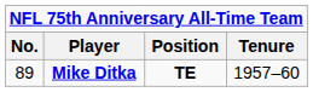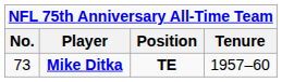 <table class="wikitable" style="text-align:center">
 <tr>
 <td colspan="4"><strong><a href='#'><span>NFL 75th Anniversary All-Time Team</span></a></strong></td>
 </tr>
 <tr>
 <th>No.</th>
 <th>Player</th>
 <th>Position</th>
 <th>Tenure</th>
 </tr>
 <tr>
-<td>89</td>
+<td>73</td>
 <td><strong><a href='#'>Mike Ditka</a></strong></td>
 <td><strong>TE</strong></td>
 <td>1957–60</td>
 </tr>
 </table>
